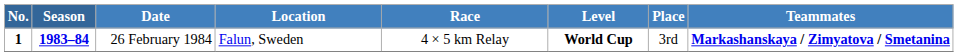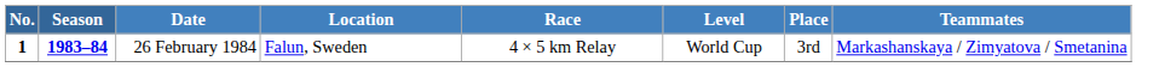 <table class="wikitable sortable" style="font-size:95%; text-align:center; border:grey solid 1px; border-collapse:collapse; background:#ffffff;">
 <tr style="background:#efefef;">
 <th style="background-color:#369; color:white;">No.</th>
 <th style="background-color:#369; color:white;">Season</th>
 <th style="background-color:#4180be; color:white; width:120px;">Date</th>
 <th style="background-color:#4180be; color:white; width:170px;">Location</th>
 <th style="background-color:#4180be; color:white; width:170px;">Race</th>
 <th style="background-color:#4180be; color:white; width:100px;">Level</th>
 <th style="background-color:#4180be; color:white;">Place</th>
 <th style="background-color:#4180be; color:white;">Teammates</th>
 </tr>
 <tr>
 <td align=center><strong>1</strong></td>
 <td rowspan=1 align=center><strong> <a href='#'>1983–84</a> </strong></td>
 <td align=right>26 February 1984</td>
 <td align=left> <a href='#'>Falun</a>, Sweden</td>
 <td>4 × 5 km Relay</td>
-<td><strong>World Cup</strong></td>
+<td>World Cup</td>
 <td>3rd</td>
-<td><strong><a href='#'>Markashanskaya</a> / <a href='#'>Zimyatova</a> / <a href='#'>Smetanina</a></strong></td>
+<td><a href='#'>Markashanskaya</a> / <a href='#'>Zimyatova</a> / <a href='#'>Smetanina</a></td>
 </tr>
 <tr>
 </tr>
 </table>
